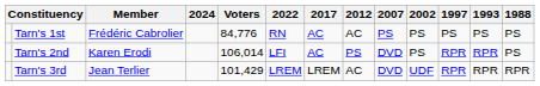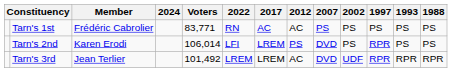 <table class="wikitable sortable">
 <tr>
 <th colspan="2">Constituency</th>
 <th>Member</th>
 <th>2024</th>
 <th>Voters</th>
 <th>2022</th>
 <th>2017</th>
 <th>2012</th>
 <th>2007</th>
 <th>2002</th>
 <th>1997</th>
 <th>1993</th>
 <th>1988</th>
 </tr>
 <tr>
 <td style="background-color: "></td>
 <td><a href='#'>Tarn's 1st</a></td>
 <td><a href='#'>Frédéric Cabrolier</a></td>
 <td></td>
-<td>84,776</td>
+<td>83,771</td>
 <td><a href='#'>RN</a></td>
 <td><a href='#'>AC</a></td>
 <td>AC</td>
 <td><a href='#'>PS</a></td>
 <td>PS</td>
 <td>PS</td>
 <td>PS</td>
 <td>PS</td>
 </tr>
 <tr>
 <td style="background-color: "></td>
 <td><a href='#'>Tarn's 2nd</a></td>
 <td><a href='#'>Karen Erodi</a></td>
 <td></td>
 <td>106,014</td>
 <td><a href='#'>LFI</a></td>
-<td><a href='#'>AC</a></td>
+<td><a href='#'>LREM</a></td>
 <td><a href='#'>PS</a></td>
 <td><a href='#'>DVD</a></td>
 <td>PS</td>
 <td><a href='#'>RPR</a></td>
-<td><a href='#'>RPR</a></td>
+<td>PS</td>
 <td>PS</td>
 </tr>
 <tr>
 <td style="background-color: "></td>
 <td><a href='#'>Tarn's 3rd</a></td>
 <td><a href='#'>Jean Terlier</a></td>
 <td></td>
-<td>101,429</td>
+<td>101,492</td>
 <td><a href='#'>LREM</a></td>
 <td>LREM</td>
 <td>AC</td>
 <td><a href='#'>DVD</a></td>
 <td><a href='#'>UDF</a></td>
 <td><a href='#'>RPR</a></td>
 <td>RPR</td>
 <td>RPR</td>
 </tr>
 </table>
